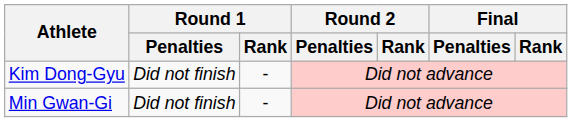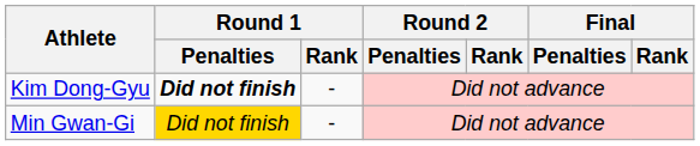 <table class=wikitable style="text-align:center; font-size:90%">
 <tr>
 <th rowspan="2">Athlete</th>
 <th colspan="2">Round 1</th>
 <th colspan="2">Round 2</th>
 <th colspan="2">Final</th>
 </tr>
 <tr>
 <th>Penalties</th>
 <th>Rank</th>
 <th>Penalties</th>
 <th>Rank</th>
 <th>Penalties</th>
 <th>Rank</th>
 </tr>
 <tr>
 <td align=left><a href='#'>Kim Dong-Gyu</a></td>
-<td><em>Did not finish</em></td>
+<td><strong><em>Did not finish</em></strong></td>
 <td>-</td>
 <td colspan=4 bgcolor=ffcccc><em>Did not advance</em></td>
 </tr>
 <tr>
 <td align=left><a href='#'>Min Gwan-Gi</a></td>
-<td><em>Did not finish</em></td>
+<td style="background: gold;"><em>Did not finish</em></td>
 <td>-</td>
 <td colspan=4 bgcolor=ffcccc><em>Did not advance</em></td>
 </tr>
 </table>
